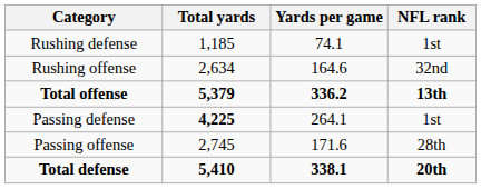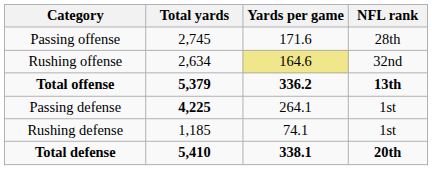 <table class="wikitable" style="text-align:center">
 <tr>
 <th width=150px>Category</th>
 <th width=100px>Total yards</th>
 <th width=110px>Yards per game</th>
 <th width=80px>NFL rank<br></th>
 </tr>
 <tr>
-<td>Rushing defense</td>
-<td>1,185</td>
-<td>74.1</td>
-<td>1st</td>
+<td>Passing offense</td>
+<td>2,745</td>
+<td>171.6</td>
+<td>28th</td>
 </tr>
 <tr>
 <td>Rushing offense</td>
 <td>2,634</td>
-<td>164.6</td>
+<td style="background: khaki;">164.6</td>
 <td>32nd</td>
 </tr>
 <tr>
 <td><strong>Total offense</strong></td>
 <td><strong>5,379</strong></td>
 <td><strong>336.2</strong></td>
 <td><strong>13th</strong></td>
 </tr>
 <tr>
 <td>Passing defense</td>
 <td><strong>4,225</strong></td>
 <td>264.1</td>
 <td>1st</td>
 </tr>
 <tr>
-<td>Passing offense</td>
-<td>2,745</td>
-<td>171.6</td>
-<td>28th</td>
+<td>Rushing defense</td>
+<td>1,185</td>
+<td>74.1</td>
+<td>1st</td>
 </tr>
 <tr>
 <td><strong>Total defense</strong></td>
 <td><strong>5,410</strong></td>
 <td><strong>338.1</strong></td>
 <td><strong>20th</strong></td>
 </tr>
 </table>
